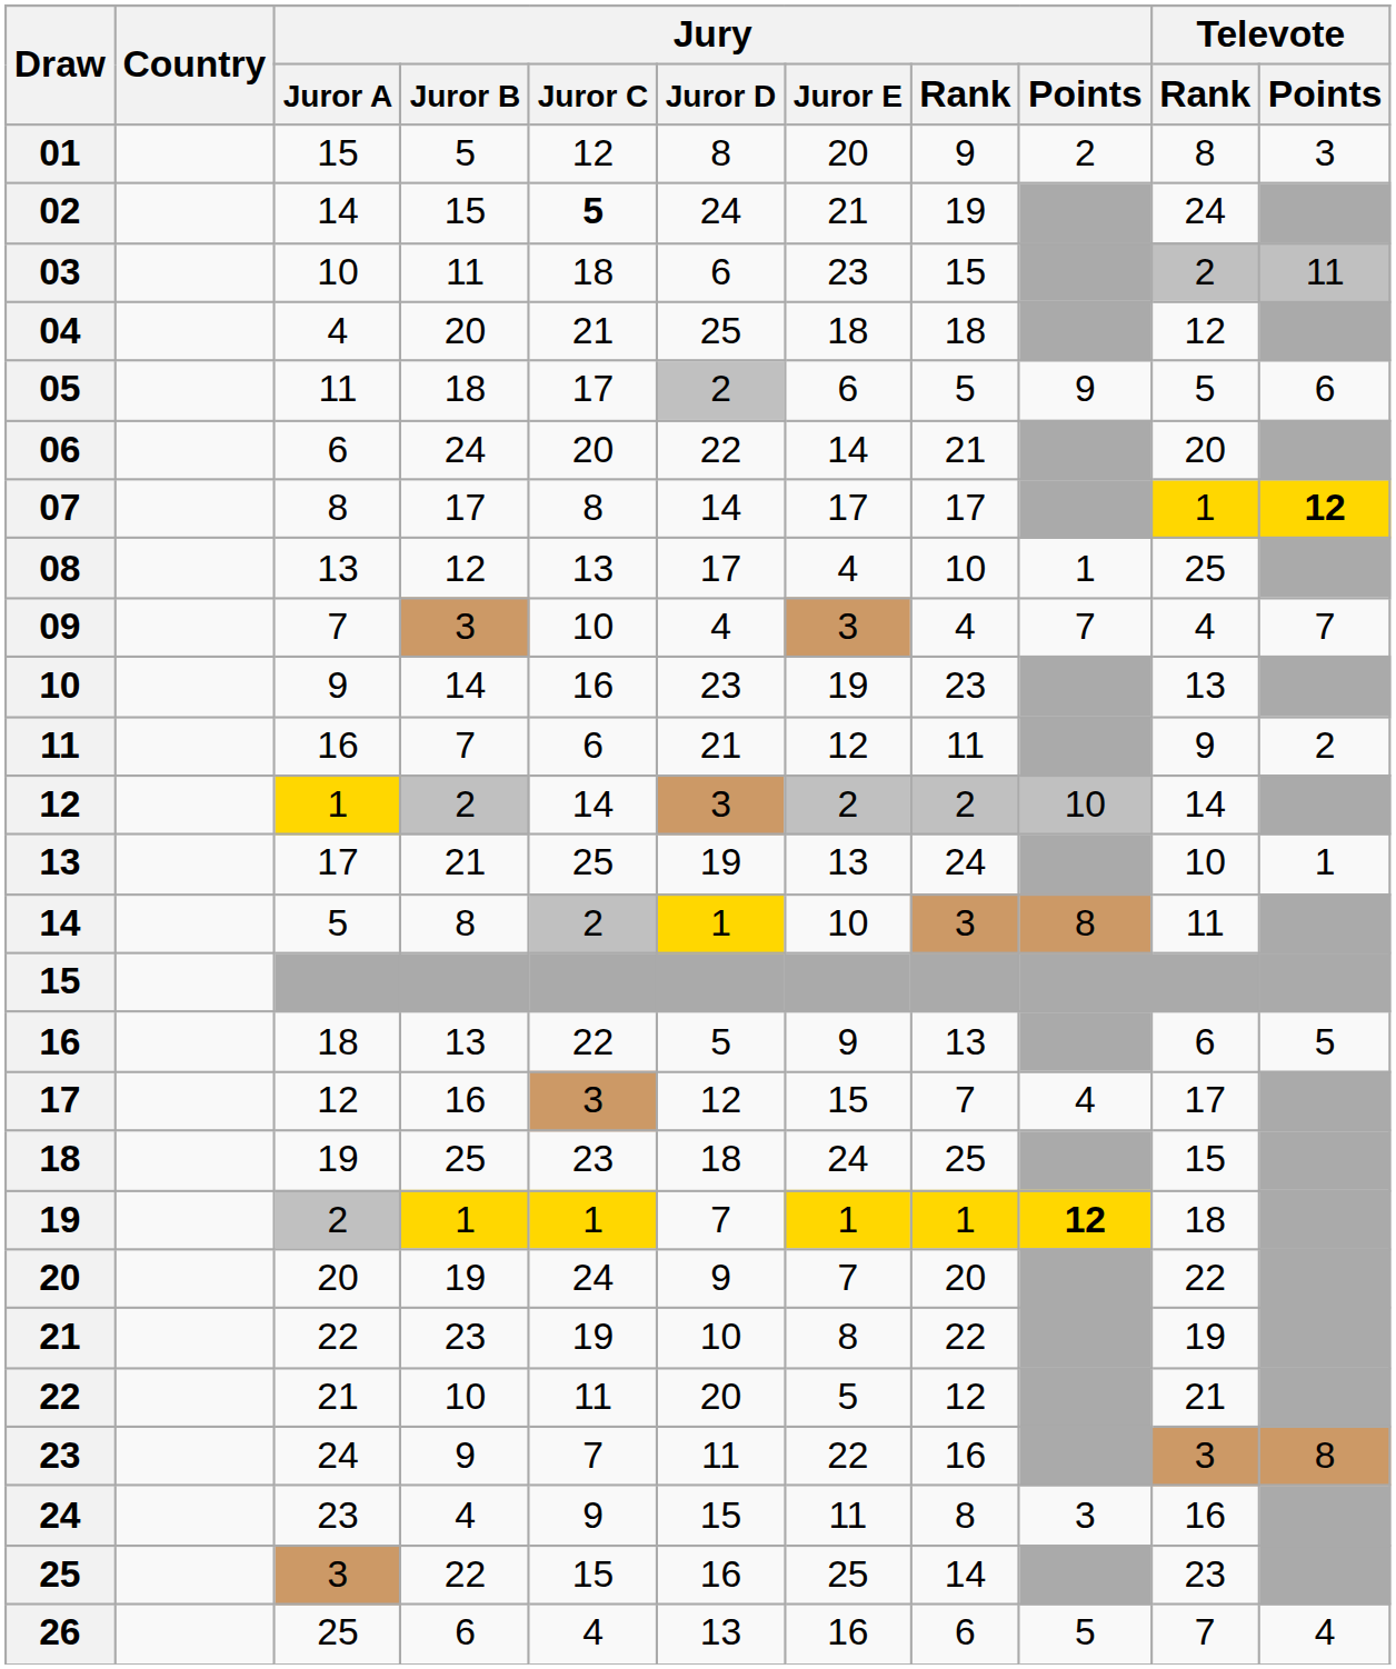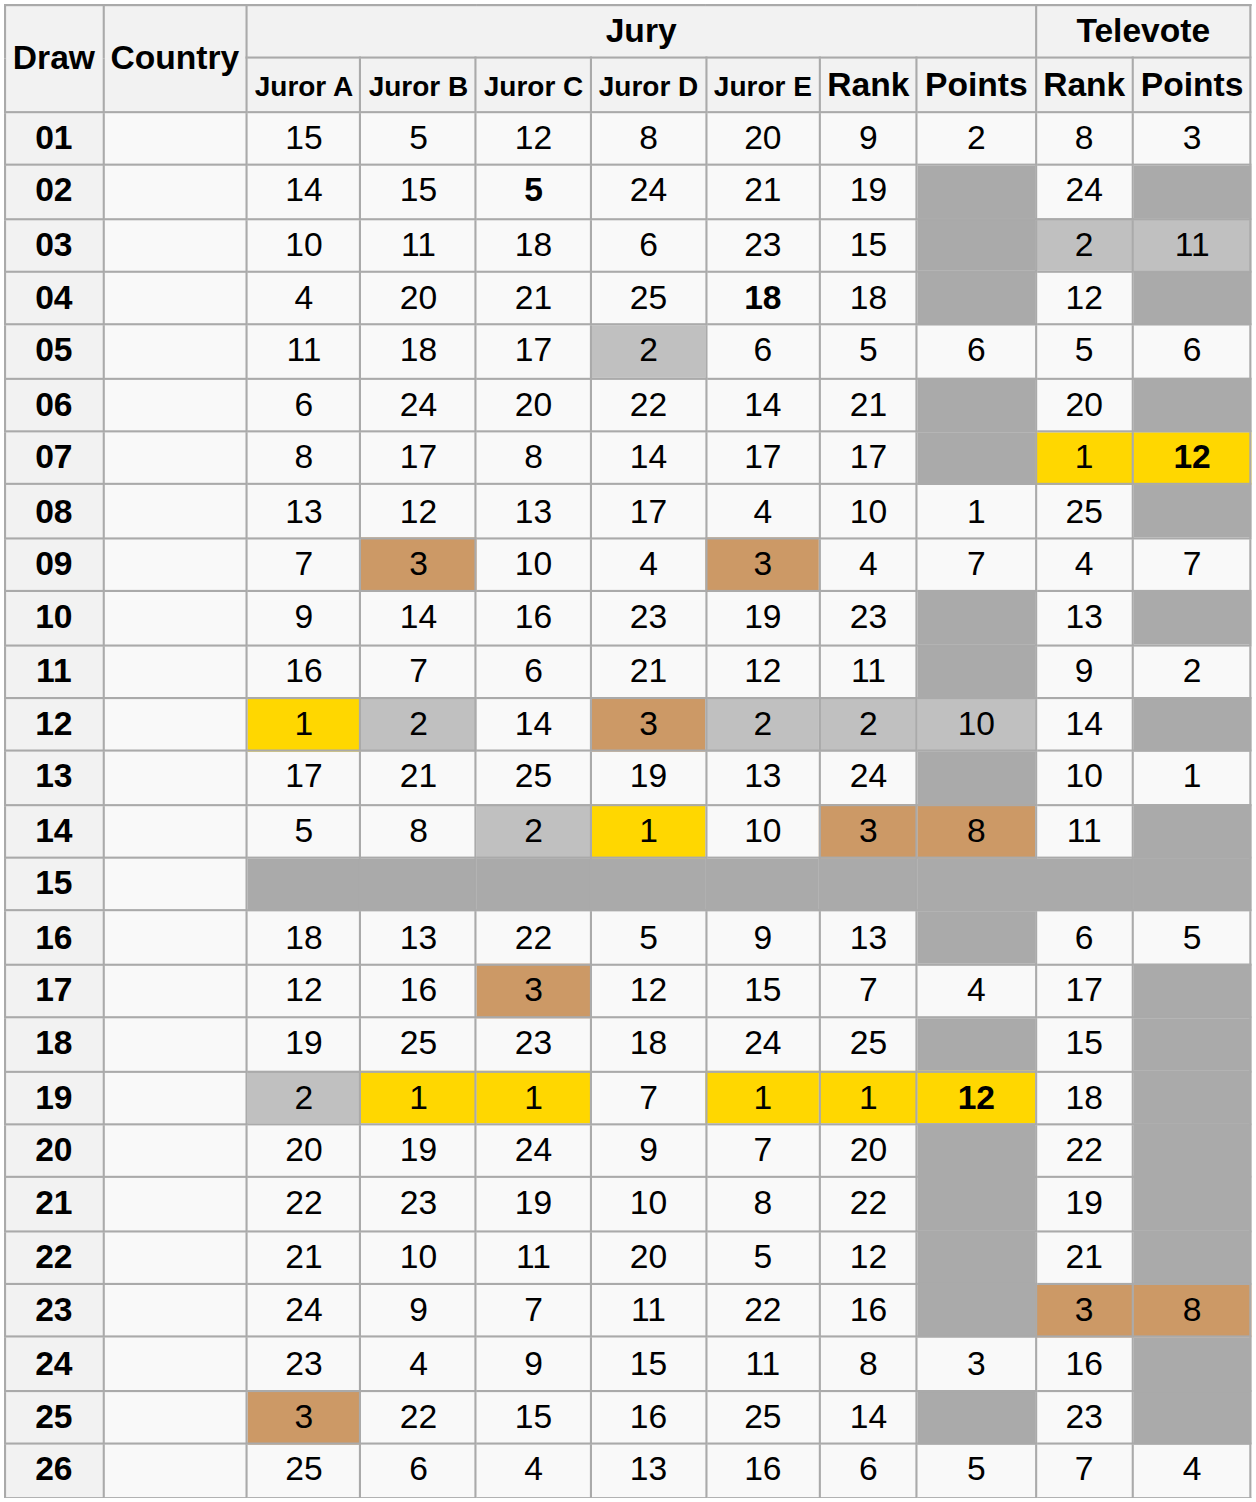 <table class="sortable wikitable collapsible plainrowheaders" style="text-align:center;">
 <tr>
 </tr>
 <tr>
 <th scope="col" rowspan="2">Draw</th>
 <th scope="col" rowspan="2">Country</th>
 <th scope="col" colspan="7">Jury</th>
 <th scope="col" colspan="2">Televote</th>
 </tr>
 <tr>
 <th scope="col"><small>Juror A</small></th>
 <th scope="col"><small>Juror B</small></th>
 <th scope="col"><small>Juror C</small></th>
 <th scope="col"><small>Juror D</small></th>
 <th scope="col"><small>Juror E</small></th>
 <th scope="col">Rank</th>
 <th scope="col" class="unsortable">Points</th>
 <th scope="col">Rank</th>
 <th scope="col" class="unsortable">Points</th>
 </tr>
 <tr>
 <th scope="row" style="text-align:center;">01</th>
 <td style="text-align:left;"></td>
 <td>15</td>
 <td>5</td>
 <td>12</td>
 <td>8</td>
 <td>20</td>
 <td>9</td>
 <td>2</td>
 <td>8</td>
 <td>3</td>
 </tr>
 <tr>
 <th scope="row" style="text-align:center;">02</th>
 <td style="text-align:left;"></td>
 <td>14</td>
 <td>15</td>
 <td><strong>5</strong></td>
 <td>24</td>
 <td>21</td>
 <td>19</td>
 <td style="background:#AAAAAA;"></td>
 <td>24</td>
 <td style="background:#AAAAAA;"></td>
 </tr>
 <tr>
 <th scope="row" style="text-align:center;">03</th>
 <td style="text-align:left;"></td>
 <td>10</td>
 <td>11</td>
 <td>18</td>
 <td>6</td>
 <td>23</td>
 <td>15</td>
 <td style="background:#AAAAAA;"></td>
 <td style="background:silver;">2</td>
 <td style="background:silver;">11</td>
 </tr>
 <tr>
 <th scope="row" style="text-align:center;">04</th>
 <td style="text-align:left;"></td>
 <td>4</td>
 <td>20</td>
 <td>21</td>
 <td>25</td>
-<td>18</td>
+<td><strong>18</strong></td>
 <td>18</td>
 <td style="background:#AAAAAA;"></td>
 <td>12</td>
 <td style="background:#AAAAAA;"></td>
 </tr>
 <tr>
 <th scope="row" style="text-align:center;">05</th>
 <td style="text-align:left;"></td>
 <td>11</td>
 <td>18</td>
 <td>17</td>
 <td style="background:silver;">2</td>
 <td>6</td>
 <td>5</td>
-<td>9</td>
+<td>6</td>
 <td>5</td>
 <td>6</td>
 </tr>
 <tr>
 <th scope="row" style="text-align:center;">06</th>
 <td style="text-align:left;"></td>
 <td>6</td>
 <td>24</td>
 <td>20</td>
 <td>22</td>
 <td>14</td>
 <td>21</td>
 <td style="background:#AAAAAA;"></td>
 <td>20</td>
 <td style="background:#AAAAAA;"></td>
 </tr>
 <tr>
 <th scope="row" style="text-align:center;">07</th>
 <td style="text-align:left;"></td>
 <td>8</td>
 <td>17</td>
 <td>8</td>
 <td>14</td>
 <td>17</td>
 <td>17</td>
 <td style="background:#AAAAAA;"></td>
 <td style="background:gold;">1</td>
 <td style="background:gold;"><strong>12</strong></td>
 </tr>
 <tr>
 <th scope="row" style="text-align:center;">08</th>
 <td style="text-align:left;"></td>
 <td>13</td>
 <td>12</td>
 <td>13</td>
 <td>17</td>
 <td>4</td>
 <td>10</td>
 <td>1</td>
 <td>25</td>
 <td style="background:#AAAAAA;"></td>
 </tr>
 <tr>
 <th scope="row" style="text-align:center;">09</th>
 <td style="text-align:left;"></td>
 <td>7</td>
 <td style="background:#CC9966;">3</td>
 <td>10</td>
 <td>4</td>
 <td style="background:#CC9966;">3</td>
 <td>4</td>
 <td>7</td>
 <td>4</td>
 <td>7</td>
 </tr>
 <tr>
 <th scope="row" style="text-align:center;">10</th>
 <td style="text-align:left;"></td>
 <td>9</td>
 <td>14</td>
 <td>16</td>
 <td>23</td>
 <td>19</td>
 <td>23</td>
 <td style="background:#AAAAAA;"></td>
 <td>13</td>
 <td style="background:#AAAAAA;"></td>
 </tr>
 <tr>
 <th scope="row" style="text-align:center;">11</th>
 <td style="text-align:left;"></td>
 <td>16</td>
 <td>7</td>
 <td>6</td>
 <td>21</td>
 <td>12</td>
 <td>11</td>
 <td style="background:#AAAAAA;"></td>
 <td>9</td>
 <td>2</td>
 </tr>
 <tr>
 <th scope="row" style="text-align:center;">12</th>
 <td style="text-align:left;"></td>
 <td style="background:gold;">1</td>
 <td style="background:silver;">2</td>
 <td>14</td>
 <td style="background:#CC9966;">3</td>
 <td style="background:silver;">2</td>
 <td style="background:silver;">2</td>
 <td style="background:silver;">10</td>
 <td>14</td>
 <td style="background:#AAAAAA;"></td>
 </tr>
 <tr>
 <th scope="row" style="text-align:center;">13</th>
 <td style="text-align:left;"></td>
 <td>17</td>
 <td>21</td>
 <td>25</td>
 <td>19</td>
 <td>13</td>
 <td>24</td>
 <td style="background:#AAAAAA;"></td>
 <td>10</td>
 <td>1</td>
 </tr>
 <tr>
 <th scope="row" style="text-align:center;">14</th>
 <td style="text-align:left;"></td>
 <td>5</td>
 <td>8</td>
 <td style="background:silver;">2</td>
 <td style="background:gold;">1</td>
 <td>10</td>
 <td style="background:#CC9966;">3</td>
 <td style="background:#CC9966;">8</td>
 <td>11</td>
 <td style="background:#AAAAAA;"></td>
 </tr>
 <tr class=sortbottom>
 <th scope="row" style="text-align:center;">15</th>
 <td style="text-align:left;"></td>
 <td style="background:#AAAAAA;"></td>
 <td style="background:#AAAAAA;"></td>
 <td style="background:#AAAAAA;"></td>
 <td style="background:#AAAAAA;"></td>
 <td style="background:#AAAAAA;"></td>
 <td style="background:#AAAAAA;"></td>
 <td style="background:#AAAAAA;"></td>
 <td style="background:#AAAAAA;"></td>
 <td style="background:#AAAAAA;"></td>
 </tr>
 <tr>
 <th scope="row" style="text-align:center;">16</th>
 <td style="text-align:left;"></td>
 <td>18</td>
 <td>13</td>
 <td>22</td>
 <td>5</td>
 <td>9</td>
 <td>13</td>
 <td style="background:#AAAAAA;"></td>
 <td>6</td>
 <td>5</td>
 </tr>
 <tr>
 <th scope="row" style="text-align:center;">17</th>
 <td style="text-align:left;"></td>
 <td>12</td>
 <td>16</td>
 <td style="background:#CC9966;">3</td>
 <td>12</td>
 <td>15</td>
 <td>7</td>
 <td>4</td>
 <td>17</td>
 <td style="background:#AAAAAA;"></td>
 </tr>
 <tr>
 <th scope="row" style="text-align:center;">18</th>
 <td style="text-align:left;"></td>
 <td>19</td>
 <td>25</td>
 <td>23</td>
 <td>18</td>
 <td>24</td>
 <td>25</td>
 <td style="background:#AAAAAA;"></td>
 <td>15</td>
 <td style="background:#AAAAAA;"></td>
 </tr>
 <tr>
 <th scope="row" style="text-align:center;">19</th>
 <td style="text-align:left;"></td>
 <td style="background:silver;">2</td>
 <td style="background:gold;">1</td>
 <td style="background:gold;">1</td>
 <td>7</td>
 <td style="background:gold;">1</td>
 <td style="background:gold;">1</td>
 <td style="background:gold;"><strong>12</strong></td>
 <td>18</td>
 <td style="background:#AAAAAA;"></td>
 </tr>
 <tr>
 <th scope="row" style="text-align:center;">20</th>
 <td style="text-align:left;"></td>
 <td>20</td>
 <td>19</td>
 <td>24</td>
 <td>9</td>
 <td>7</td>
 <td>20</td>
 <td style="background:#AAAAAA;"></td>
 <td>22</td>
 <td style="background:#AAAAAA;"></td>
 </tr>
 <tr>
 <th scope="row" style="text-align:center;">21</th>
 <td style="text-align:left;"></td>
 <td>22</td>
 <td>23</td>
 <td>19</td>
 <td>10</td>
 <td>8</td>
 <td>22</td>
 <td style="background:#AAAAAA;"></td>
 <td>19</td>
 <td style="background:#AAAAAA;"></td>
 </tr>
 <tr>
 <th scope="row" style="text-align:center;">22</th>
 <td style="text-align:left;"></td>
 <td>21</td>
 <td>10</td>
 <td>11</td>
 <td>20</td>
 <td>5</td>
 <td>12</td>
 <td style="background:#AAAAAA;"></td>
 <td>21</td>
 <td style="background:#AAAAAA;"></td>
 </tr>
 <tr>
 <th scope="row" style="text-align:center;">23</th>
 <td style="text-align:left;"></td>
 <td>24</td>
 <td>9</td>
 <td>7</td>
 <td>11</td>
 <td>22</td>
 <td>16</td>
 <td style="background:#AAAAAA;"></td>
 <td style="background:#CC9966;">3</td>
 <td style="background:#CC9966;">8</td>
 </tr>
 <tr>
 <th scope="row" style="text-align:center;">24</th>
 <td style="text-align:left;"></td>
 <td>23</td>
 <td>4</td>
 <td>9</td>
 <td>15</td>
 <td>11</td>
 <td>8</td>
 <td>3</td>
 <td>16</td>
 <td style="background:#AAAAAA;"></td>
 </tr>
 <tr>
 <th scope="row" style="text-align:center;">25</th>
 <td style="text-align:left;"></td>
 <td style="background:#CC9966;">3</td>
 <td>22</td>
 <td>15</td>
 <td>16</td>
 <td>25</td>
 <td>14</td>
 <td style="background:#AAAAAA;"></td>
 <td>23</td>
 <td style="background:#AAAAAA;"></td>
 </tr>
 <tr>
 <th scope="row" style="text-align:center;">26</th>
 <td style="text-align:left;"></td>
 <td>25</td>
 <td>6</td>
 <td>4</td>
 <td>13</td>
 <td>16</td>
 <td>6</td>
 <td>5</td>
 <td>7</td>
 <td>4</td>
 </tr>
 </table>
